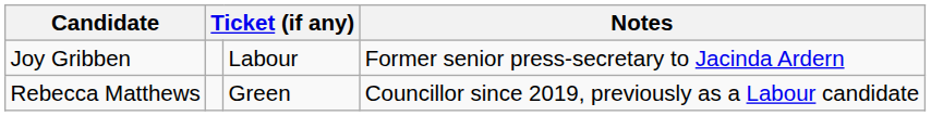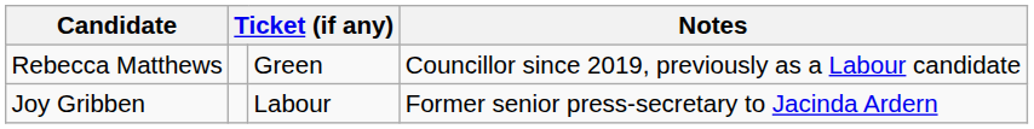 <table class="wikitable" style="font-size: 95%">
 <tr>
 <th>Candidate</th>
 <th colspan=2><a href='#'>Ticket</a> (if any)</th>
 <th>Notes</th>
 </tr>
 <tr>
+<td>Rebecca Matthews</td>
+<td style="background-color:"></td>
+<td>Green</td>
+<td>Councillor since 2019, previously as a <a href='#'>Labour</a> candidate</td>
+</tr>
+<tr>
 <td>Joy Gribben</td>
 <td style="background-color:"></td>
 <td>Labour</td>
 <td>Former senior press-secretary to <a href='#'>Jacinda Ardern</a></td>
 </tr>
-<tr>
-<td>Rebecca Matthews</td>
-<td style="background-color:"></td>
-<td>Green</td>
-<td>Councillor since 2019, previously as a <a href='#'>Labour</a> candidate</td>
-</tr>
 </table>
